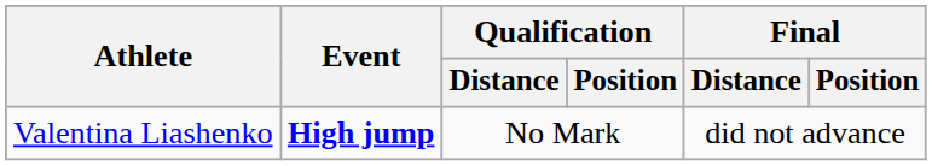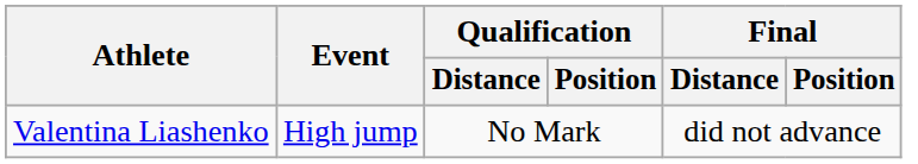 <table class=wikitable style="font-size:90%">
 <tr>
 <th rowspan="2">Athlete</th>
 <th rowspan="2">Event</th>
 <th colspan="2">Qualification</th>
 <th colspan="2">Final</th>
 </tr>
 <tr style="font-size:95%">
 <th>Distance</th>
 <th>Position</th>
 <th>Distance</th>
 <th>Position</th>
 </tr>
 <tr style=text-align:center>
 <td style=text-align:left><a href='#'>Valentina Liashenko</a></td>
-<td style=text-align:left><strong><a href='#'>High jump</a></strong></td>
+<td style=text-align:left><a href='#'>High jump</a></td>
 <td colspan="2">No Mark</td>
 <td colspan="2">did not advance</td>
 </tr>
 </table>
